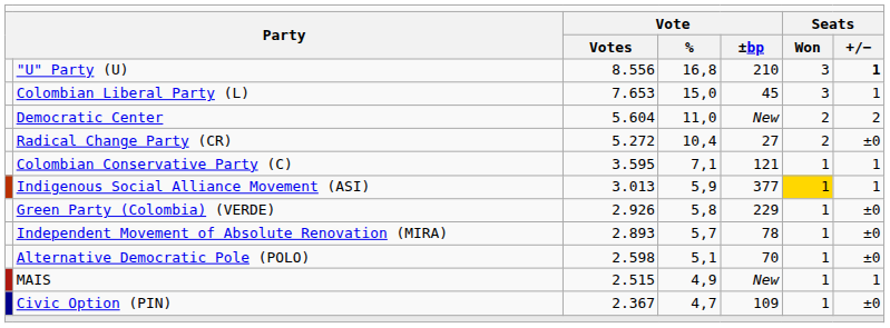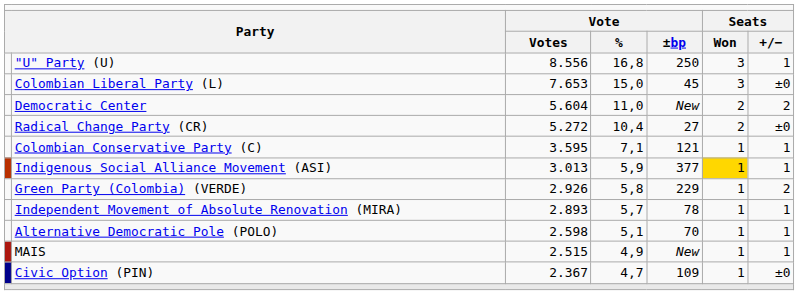 <table class="wikitable" style="text-align:right; font-size:100%; margin-bottom:0">
 <tr>
 <td colspan="7"></td>
 </tr>
 <tr>
 <th align="left" rowspan="2" colspan="2" width="500">Party</th>
 <th colspan="3">Vote</th>
 <th colspan="2">Seats</th>
 </tr>
 <tr>
 <th width="80">Votes</th>
 <th width="50">%</th>
 <th width="50">±<a href='#'>bp</a></th>
 <th width="40">Won</th>
 <th width="40">+/−</th>
 </tr>
 <tr>
 <td width="1" style="color:inherit;background:"></td>
 <td align="left"><a href='#'>"U" Party</a> (U)</td>
 <td>8.556</td>
 <td>16,8</td>
-<td>210</td>
+<td>250</td>
 <td>3</td>
-<td><strong> 1</strong></td>
+<td> 1</td>
 </tr>
 <tr>
 <td style="color:inherit;background:"></td>
 <td align="left"><a href='#'>Colombian Liberal Party</a> (L)</td>
 <td>7.653</td>
 <td>15,0</td>
 <td>  45</td>
 <td>3</td>
-<td>  1</td>
+<td>±0</td>
 </tr>
 <tr>
 <td style="color:inherit;background:"></td>
 <td align="left"><a href='#'>Democratic Center</a></td>
 <td>5.604</td>
 <td>11,0</td>
 <td><em>New</em></td>
 <td>2</td>
 <td>  2</td>
 </tr>
 <tr>
 <td style="color:inherit;background:"></td>
 <td align="left"><a href='#'>Radical Change Party</a> (CR)</td>
 <td>5.272</td>
 <td>10,4</td>
 <td>  27</td>
 <td>2</td>
 <td>±0</td>
 </tr>
 <tr>
 <td style="color:inherit;background:"></td>
 <td align="left"><a href='#'>Colombian Conservative Party</a> (C)</td>
 <td>3.595</td>
 <td>7,1</td>
 <td>121</td>
 <td>1</td>
 <td> 1</td>
 </tr>
 <tr>
 <td style="color:inherit;background:#B93000"></td>
 <td align="left"><a href='#'>Indigenous Social Alliance Movement</a> (ASI)</td>
 <td>3.013</td>
 <td>5,9</td>
 <td>377</td>
 <td style="background: gold;">1</td>
 <td> 1</td>
 </tr>
 <tr>
 <td style="color:inherit;background:"></td>
 <td align="left"><a href='#'>Green Party (Colombia)</a> (VERDE)</td>
 <td>2.926</td>
 <td>5,8</td>
 <td>229</td>
 <td>1</td>
-<td>±0</td>
+<td>  2</td>
 </tr>
 <tr>
 <td style="color:inherit;background:"></td>
 <td align="left"><a href='#'>Independent Movement of Absolute Renovation</a> (MIRA)</td>
 <td>2.893</td>
 <td>5,7</td>
 <td>  78</td>
 <td>1</td>
-<td>±0</td>
+<td> 1</td>
 </tr>
 <tr>
 <td style="color:inherit;background:"></td>
 <td align="left"><a href='#'>Alternative Democratic Pole</a> (POLO)</td>
 <td>2.598</td>
 <td>5,1</td>
 <td>  70</td>
 <td>1</td>
-<td>±0</td>
+<td>  1</td>
 </tr>
 <tr>
 <td style="color:inherit;background:#AD1810"></td>
 <td align="left">MAIS</td>
 <td>2.515</td>
 <td>4,9</td>
 <td><em>New</em></td>
 <td>1</td>
 <td>  1</td>
 </tr>
 <tr>
 <td style="color:inherit;background:#00008B"></td>
 <td align="left"><a href='#'>Civic Option</a> (PIN)</td>
 <td>2.367</td>
 <td>4,7</td>
 <td>109</td>
 <td>1</td>
 <td>±0</td>
 </tr>
 <tr>
 <td colspan="7" bgcolor="#E9E9E9"></td>
 </tr>
 </table>
